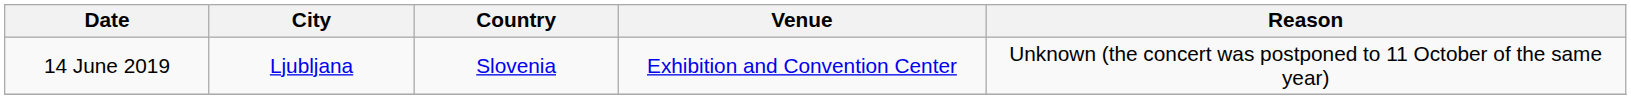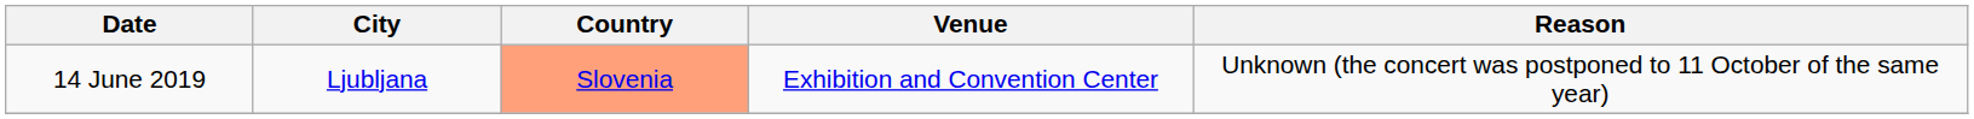 <table class="wikitable" style="text-align:center;">
 <tr>
 <th width="150">Date</th>
 <th width="150">City</th>
 <th width="150">Country</th>
 <th width="275">Venue</th>
 <th>Reason</th>
 </tr>
 <tr>
 <td>14 June 2019</td>
 <td><a href='#'>Ljubljana</a></td>
-<td><a href='#'>Slovenia</a></td>
+<td style="background: lightsalmon;"><a href='#'>Slovenia</a></td>
 <td><a href='#'>Exhibition and Convention Center</a></td>
 <td>Unknown (the concert was postponed to 11 October of the same year)</td>
 </tr>
 <tr>
 </tr>
 </table>
